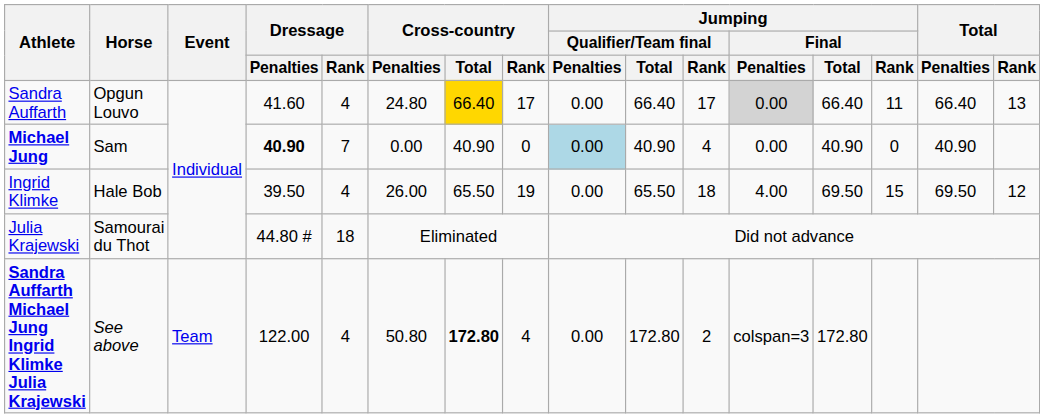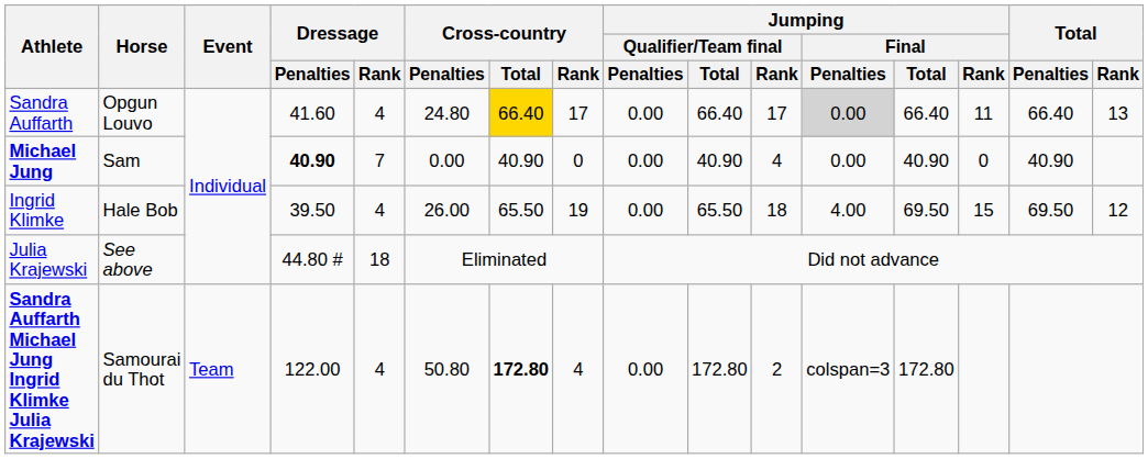 <table class=wikitable style="font-size:90%">
 <tr>
 <th rowspan="3">Athlete</th>
 <th rowspan="3">Horse</th>
 <th rowspan="3">Event</th>
 <th colspan="2" rowspan="2">Dressage</th>
 <th colspan="3" rowspan="2">Cross-country</th>
 <th colspan="6">Jumping</th>
 <th colspan="2" rowspan="2">Total</th>
 </tr>
 <tr style="font-size:95%">
 <th colspan="3">Qualifier/Team final</th>
 <th colspan="3">Final</th>
 </tr>
 <tr style="font-size:95%">
 <th>Penalties</th>
 <th>Rank</th>
 <th>Penalties</th>
 <th>Total</th>
 <th>Rank</th>
 <th>Penalties</th>
 <th>Total</th>
 <th>Rank</th>
 <th>Penalties</th>
 <th>Total</th>
 <th>Rank</th>
 <th>Penalties</th>
 <th>Rank</th>
 </tr>
 <tr align=center>
 <td align=left><a href='#'>Sandra Auffarth</a></td>
 <td align=left>Opgun Louvo</td>
 <td align=left rowspan=4><a href='#'>Individual</a></td>
 <td>41.60</td>
 <td>4</td>
 <td>24.80</td>
 <td style="background: gold;">66.40</td>
 <td>17</td>
 <td>0.00</td>
 <td>66.40</td>
 <td>17</td>
 <td style="background: lightgrey;">0.00</td>
 <td>66.40</td>
 <td>11</td>
 <td>66.40</td>
 <td>13</td>
 </tr>
 <tr align=center>
 <td align=left><strong><a href='#'>Michael Jung</a></strong></td>
 <td align=left>Sam</td>
 <td><strong>40.90</strong></td>
 <td>7</td>
 <td>0.00</td>
 <td>40.90</td>
 <td>0</td>
-<td style="background: lightblue;">0.00</td>
+<td>0.00</td>
 <td>40.90</td>
 <td>4</td>
 <td>0.00</td>
 <td>40.90</td>
 <td>0</td>
 <td>40.90</td>
 <td></td>
 </tr>
 <tr align=center>
 <td align=left><a href='#'>Ingrid Klimke</a></td>
 <td align=left>Hale Bob</td>
 <td>39.50</td>
 <td>4</td>
 <td>26.00</td>
 <td>65.50</td>
 <td>19</td>
 <td>0.00</td>
 <td>65.50</td>
 <td>18</td>
 <td>4.00</td>
 <td>69.50</td>
 <td>15</td>
 <td>69.50</td>
 <td>12</td>
 </tr>
 <tr align=center>
 <td align=left><a href='#'>Julia Krajewski</a></td>
-<td align=left>Samourai du Thot</td>
+<td align=left><em>See above</em></td>
 <td>44.80 #</td>
 <td>18</td>
 <td colspan=3>Eliminated</td>
 <td colspan=8>Did not advance</td>
 </tr>
 <tr align=center>
 <td align=left><strong><a href='#'>Sandra Auffarth</a><br><a href='#'>Michael Jung</a><br><a href='#'>Ingrid Klimke</a><br><a href='#'>Julia Krajewski</a></strong></td>
-<td align=left><em>See above</em></td>
+<td align=left>Samourai du Thot</td>
 <td align=left><a href='#'>Team</a></td>
 <td>122.00</td>
 <td>4</td>
 <td>50.80</td>
 <td><strong>172.80</strong></td>
 <td>4</td>
 <td>0.00</td>
 <td>172.80</td>
 <td>2</td>
 <td>colspan=3 </td>
 <td>172.80</td>
 <td></td>
 </tr>
 </table>
